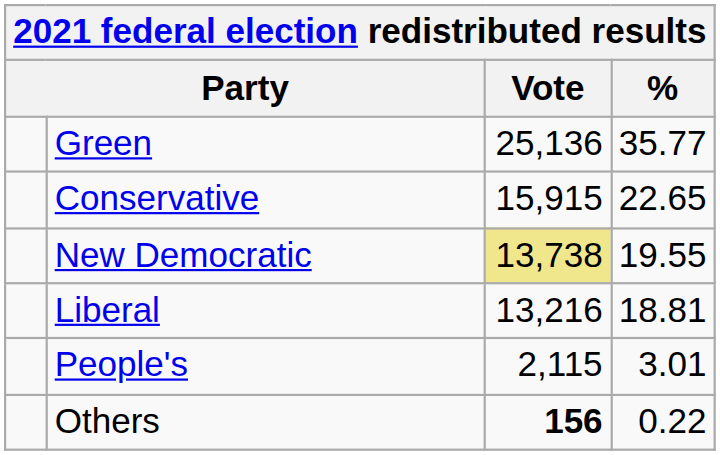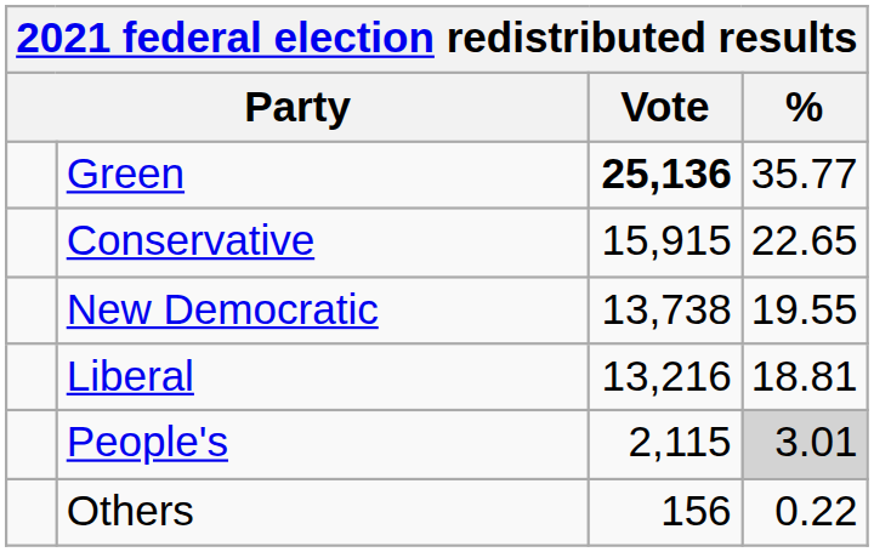 <table class="wikitable">
 <tr>
 <th colspan="4"><a href='#'>2021 federal election</a> redistributed results</th>
 </tr>
 <tr>
 <th bgcolor="#DDDDFF" width="130px" colspan="2">Party</th>
 <th bgcolor="#DDDDFF" width="50px">Vote</th>
 <th bgcolor="#DDDDFF" width="30px">%</th>
 </tr>
 <tr>
 <td> </td>
 <td><a href='#'>Green</a></td>
-<td align=right>25,136</td>
+<td align=right><strong>25,136</strong></td>
 <td align=right>35.77</td>
 </tr>
 <tr>
 <td> </td>
 <td><a href='#'>Conservative</a></td>
 <td align=right>15,915</td>
 <td align=right>22.65</td>
 </tr>
 <tr>
 <td> </td>
 <td><a href='#'>New Democratic</a></td>
-<td align=right style="background: khaki;">13,738</td>
+<td align=right>13,738</td>
 <td align=right>19.55</td>
 </tr>
 <tr>
 <td> </td>
 <td><a href='#'>Liberal</a></td>
 <td align=right>13,216</td>
 <td align=right>18.81</td>
 </tr>
 <tr>
 <td> </td>
 <td><a href='#'>People's</a></td>
 <td align=right>2,115</td>
-<td align=right>3.01</td>
+<td align=right style="background: lightgrey;">3.01</td>
 </tr>
 <tr>
 <td> </td>
 <td>Others</td>
-<td align=right><strong>156</strong></td>
+<td align=right>156</td>
 <td align=right>0.22</td>
 </tr>
 </table>
